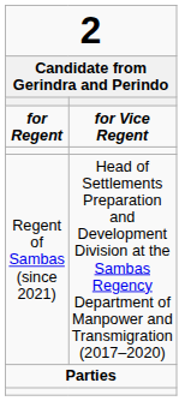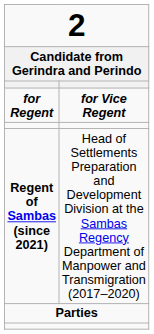 <table class="wikitable" style="font-size:90%; text-align:center;">
 <tr>
 <td colspan=2><big><big><big><big><big><strong>2</strong></big></big></big></big></big></td>
 </tr>
 <tr>
 <td colspan=2 style="background:#f1f1f1;"><strong>Candidate from Gerindra and Perindo</strong></td>
 </tr>
 <tr>
 <th style="font-size:135%; background:#"><a href='#'></a></th>
 <th style="font-size:135%; background:#"><a href='#'></a></th>
 </tr>
 <tr style="color:#000; font-size:100%;">
 <td style="width:3em; background:#"><strong><em>for Regent</em></strong></td>
 <td style="width:3em; background:#"><strong><em>for Vice Regent</em></strong></td>
 </tr>
 <tr>
 <td></td>
 <td></td>
 </tr>
 <tr>
-<td>Regent of <a href='#'>Sambas</a> (since 2021)</td>
+<td><strong>Regent of <a href='#'>Sambas</a> (since 2021)</strong></td>
 <td>Head of Settlements Preparation and Development Division at the <a href='#'>Sambas Regency</a> Department of Manpower and Transmigration (2017–2020)</td>
 </tr>
 <tr>
 <td colspan=2><strong>Parties</strong></td>
 </tr>
 <tr>
 <td colspan=2></td>
 </tr>
 </table>
